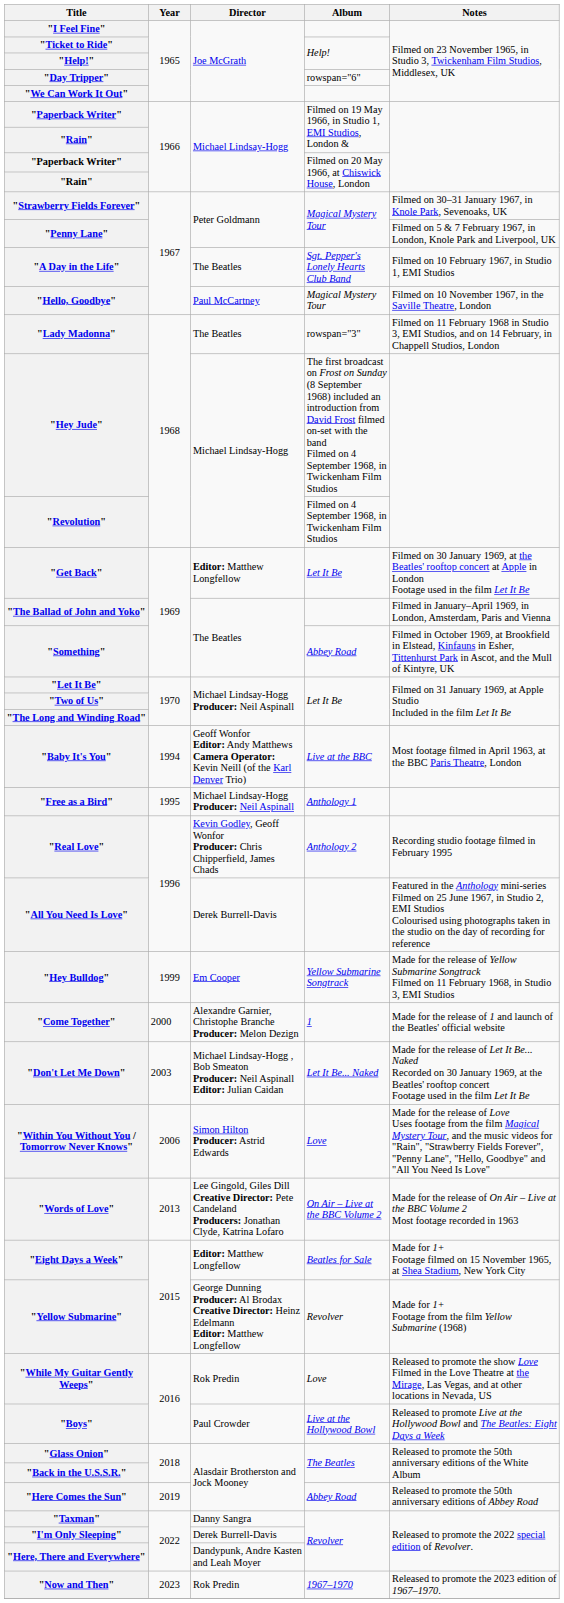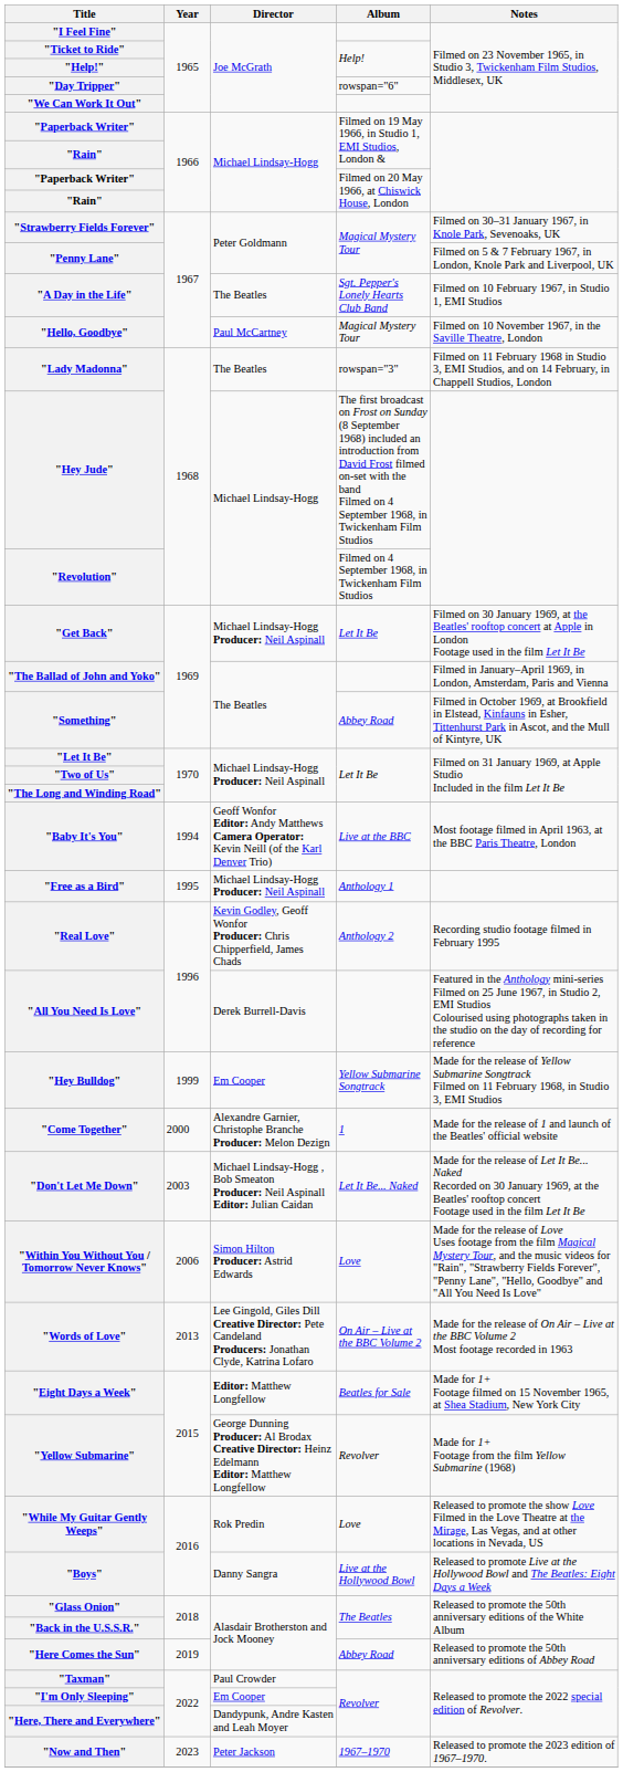 <table class="wikitable plainrowheaders">
 <tr>
 <th scope="col" style="width:20em;">Title</th>
 <th scope="col" style="width:5em;">Year</th>
 <th scope="col" style="width:15em;">Director</th>
 <th scope="col" style="width:10em;">Album</th>
 <th scope="col" style="width:25em;">Notes</th>
 </tr>
 <tr>
 <th scope="row">"<a href='#'>I Feel Fine</a>" </th>
 <td rowspan="5" style="text-align:center;">1965</td>
 <td rowspan="5"><a href='#'>Joe McGrath</a></td>
 <td></td>
 <td rowspan="5">Filmed on 23 November 1965, in Studio 3, <a href='#'>Twickenham Film Studios</a>, Middlesex, UK</td>
 </tr>
 <tr>
 <th scope="row">"<a href='#'>Ticket to Ride</a>"</th>
 <td rowspan="2"><em>Help!</em></td>
 </tr>
 <tr>
 <th scope="row">"<a href='#'>Help!</a>"</th>
 </tr>
 <tr>
 <th scope="row">"<a href='#'>Day Tripper</a>" </th>
 <td>rowspan="6" </td>
 </tr>
 <tr>
 <th scope="row">"<a href='#'>We Can Work It Out</a>" </th>
 </tr>
 <tr>
 <th scope="row">"<a href='#'>Paperback Writer</a>" </th>
 <td rowspan="4" style="text-align:center;">1966</td>
 <td rowspan="4"><a href='#'>Michael Lindsay-Hogg</a></td>
 <td rowspan="2">Filmed on 19 May 1966, in Studio 1, <a href='#'>EMI Studios</a>, London &</td>
 </tr>
 <tr>
 <th scope="row">"<a href='#'>Rain</a>" </th>
 </tr>
 <tr>
 <th scope="row">"Paperback Writer"</th>
 <td rowspan="2">Filmed on 20 May 1966, at <a href='#'>Chiswick House</a>, London</td>
 </tr>
 <tr>
 <th scope="row">"Rain"</th>
 </tr>
 <tr>
 <th scope="row">"<a href='#'>Strawberry Fields Forever</a>"</th>
 <td rowspan="4" style="text-align:center;">1967</td>
 <td rowspan="2">Peter Goldmann</td>
 <td rowspan="2"><em><a href='#'>Magical Mystery Tour</a></em></td>
 <td>Filmed on 30–31 January 1967, in <a href='#'>Knole Park</a>, Sevenoaks, UK</td>
 </tr>
 <tr>
 <th scope="row">"<a href='#'>Penny Lane</a>"</th>
 <td>Filmed on 5 & 7 February 1967, in London, Knole Park and Liverpool, UK</td>
 </tr>
 <tr>
 <th scope="row">"<a href='#'>A Day in the Life</a>"</th>
 <td>The Beatles</td>
 <td><em><a href='#'>Sgt. Pepper's Lonely Hearts Club Band</a></em></td>
 <td>Filmed on 10 February 1967, in Studio 1, EMI Studios</td>
 </tr>
 <tr>
 <th scope="row">"<a href='#'>Hello, Goodbye</a>" </th>
 <td><a href='#'>Paul McCartney</a></td>
 <td><em>Magical Mystery Tour</em></td>
 <td>Filmed on 10 November 1967, in the <a href='#'>Saville Theatre</a>, London</td>
 </tr>
 <tr>
 <th scope="row">"<a href='#'>Lady Madonna</a>"</th>
 <td rowspan="3" style="text-align:center;">1968</td>
 <td>The Beatles</td>
 <td>rowspan="3" </td>
 <td>Filmed on 11 February 1968 in Studio 3, EMI Studios, and on 14 February, in Chappell Studios, London</td>
 </tr>
 <tr>
 <th scope="row">"<a href='#'>Hey Jude</a>" </th>
 <td rowspan="2">Michael Lindsay-Hogg</td>
 <td>The first broadcast on <em>Frost on Sunday</em> (8 September 1968) included an introduction from <a href='#'>David Frost</a> filmed on-set with the band<br>Filmed on 4 September 1968, in Twickenham Film Studios</td>
 </tr>
 <tr>
 <th scope="row">"<a href='#'>Revolution</a>" </th>
 <td>Filmed on 4 September 1968, in Twickenham Film Studios</td>
 </tr>
 <tr>
 <th scope="row">"<a href='#'>Get Back</a>"  </th>
 <td rowspan="3" style="text-align:center;">1969</td>
-<td><strong>Editor:</strong> Matthew Longfellow</td>
+<td>Michael Lindsay-Hogg<br><strong>Producer:</strong> <a href='#'>Neil Aspinall</a></td>
 <td><em><a href='#'>Let It Be</a></em></td>
 <td>Filmed on 30 January 1969, at <a href='#'>the Beatles' rooftop concert</a> at <a href='#'>Apple</a> in London<br>Footage used in the film <em><a href='#'>Let It Be</a></em></td>
 </tr>
 <tr>
 <th scope="row">"<a href='#'>The Ballad of John and Yoko</a>"</th>
 <td rowspan="2">The Beatles</td>
 <td></td>
 <td>Filmed in January–April 1969, in London, Amsterdam, Paris and Vienna</td>
 </tr>
 <tr>
 <th scope="row">"<a href='#'>Something</a>"</th>
 <td><em><a href='#'>Abbey Road</a></em></td>
 <td>Filmed in October 1969, at Brookfield in Elstead, <a href='#'>Kinfauns</a> in Esher, <a href='#'>Tittenhurst Park</a> in Ascot, and the Mull of Kintyre, UK</td>
 </tr>
 <tr>
 <th scope="row">"<a href='#'>Let It Be</a>"</th>
 <td rowspan="3" style="text-align:center;">1970</td>
 <td rowspan="3">Michael Lindsay-Hogg<br><strong>Producer:</strong> Neil Aspinall</td>
 <td rowspan="3"><em>Let It Be</em></td>
 <td rowspan="3">Filmed on 31 January 1969, at Apple Studio<br>Included in the film <em>Let It Be</em></td>
 </tr>
 <tr>
 <th scope="row">"<a href='#'>Two of Us</a>"</th>
 </tr>
 <tr>
 <th scope="row">"<a href='#'>The Long and Winding Road</a>"</th>
 </tr>
 <tr>
 <th scope="row">"<a href='#'>Baby It's You</a>" </th>
 <td style="text-align:center;">1994</td>
 <td>Geoff Wonfor<br><strong>Editor:</strong> Andy Matthews<br><strong>Camera Operator:</strong> Kevin Neill (of the <a href='#'>Karl Denver</a> Trio)</td>
 <td><em><a href='#'>Live at the BBC</a></em></td>
 <td>Most footage filmed in April 1963, at the BBC <a href='#'>Paris Theatre</a>, London</td>
 </tr>
 <tr>
 <th scope="row">"<a href='#'>Free as a Bird</a>"</th>
 <td style="text-align:center;">1995</td>
 <td>Michael Lindsay-Hogg<br><strong>Producer:</strong> <a href='#'>Neil Aspinall</a></td>
 <td><em><a href='#'>Anthology 1</a></em></td>
 <td></td>
 </tr>
 <tr>
 <th scope="row">"<a href='#'>Real Love</a>" </th>
 <td rowspan="2" style="text-align:center;">1996</td>
 <td><a href='#'>Kevin Godley</a>, Geoff Wonfor<br><strong>Producer:</strong> Chris Chipperfield, James Chads</td>
 <td><em><a href='#'>Anthology 2</a></em></td>
 <td>Recording studio footage filmed in February 1995</td>
 </tr>
 <tr>
 <th scope="row">"<a href='#'>All You Need Is Love</a>"</th>
 <td>Derek Burrell-Davis</td>
 <td></td>
 <td>Featured in the <em><a href='#'>Anthology</a></em> mini-series<br>Filmed on 25 June 1967, in Studio 2, EMI Studios<br>Colourised using photographs taken in the studio on the day of recording for reference</td>
 </tr>
 <tr>
 <th scope="row">"<a href='#'>Hey Bulldog</a>"</th>
 <td style="text-align:center;">1999</td>
 <td><a href='#'>Em Cooper</a></td>
 <td><em><a href='#'>Yellow Submarine Songtrack</a></em></td>
 <td>Made for the release of <em>Yellow Submarine Songtrack</em><br>Filmed on 11 February 1968, in Studio 3, EMI Studios</td>
 </tr>
 <tr>
 <th scope="row">"<a href='#'>Come Together</a>"</th>
 <td>2000</td>
 <td>Alexandre Garnier, Christophe Branche<br><strong>Producer:</strong> Melon Dezign</td>
 <td><em><a href='#'>1</a></em></td>
 <td>Made for the release of <em>1</em> and launch of the Beatles' official website</td>
 </tr>
 <tr>
 <th scope="row">"<a href='#'>Don't Let Me Down</a>"</th>
 <td>2003</td>
 <td>Michael Lindsay-Hogg , Bob Smeaton <br><strong>Producer:</strong> Neil Aspinall <br><strong>Editor:</strong> Julian Caidan</td>
 <td><em><a href='#'>Let It Be... Naked</a></em></td>
 <td>Made for the release of <em>Let It Be... Naked</em><br>Recorded on 30 January 1969, at the Beatles' rooftop concert<br>Footage used in the film <em>Let It Be</em></td>
 </tr>
 <tr>
 <th scope="row">"<a href='#'>Within You Without You</a> / <a href='#'>Tomorrow Never Knows</a>"</th>
 <td style="text-align:center;">2006</td>
 <td><a href='#'>Simon Hilton</a><br><strong>Producer:</strong> Astrid Edwards</td>
 <td><em><a href='#'>Love</a></em></td>
 <td>Made for the release of <em>Love</em><br>Uses footage from the film <em><a href='#'>Magical Mystery Tour</a></em>, and the music videos for "Rain", "Strawberry Fields Forever", "Penny Lane", "Hello, Goodbye" and "All You Need Is Love"</td>
 </tr>
 <tr>
 <th scope="row">"<a href='#'>Words of Love</a>"</th>
 <td style="text-align:center;">2013</td>
 <td>Lee Gingold, Giles Dill<br><strong>Creative Director:</strong> Pete Candeland<br><strong>Producers:</strong> Jonathan Clyde, Katrina Lofaro</td>
 <td><em><a href='#'>On Air – Live at the BBC Volume 2</a></em></td>
 <td>Made for the release of <em>On Air – Live at the BBC Volume 2</em><br>Most footage recorded in 1963</td>
 </tr>
 <tr>
 <th scope="row">"<a href='#'>Eight Days a Week</a>"</th>
 <td rowspan="2" style="text-align:center;">2015</td>
 <td><strong>Editor:</strong> Matthew Longfellow</td>
 <td><em><a href='#'>Beatles for Sale</a></em></td>
 <td>Made for <em>1+</em><br>Footage filmed on 15 November 1965, at <a href='#'>Shea Stadium</a>, New York City</td>
 </tr>
 <tr>
 <th scope="row">"<a href='#'>Yellow Submarine</a>"</th>
 <td>George Dunning <br><strong>Producer:</strong> Al Brodax <br><strong>Creative Director:</strong> Heinz Edelmann <br><strong>Editor:</strong> Matthew Longfellow </td>
 <td><em>Revolver</em></td>
 <td>Made for <em>1+</em><br>Footage from the film <em>Yellow Submarine</em> (1968)</td>
 </tr>
 <tr>
 <th scope="row">"<a href='#'>While My Guitar Gently Weeps</a>"</th>
 <td rowspan="2" style="text-align:center;">2016</td>
 <td>Rok Predin</td>
 <td><em>Love</em></td>
 <td>Released to promote the show <em><a href='#'>Love</a></em><br>Filmed in the Love Theatre at <a href='#'>the Mirage</a>, Las Vegas, and at other locations in Nevada, US</td>
 </tr>
 <tr>
 <th scope="row">"<a href='#'>Boys</a>" </th>
-<td>Paul Crowder</td>
+<td>Danny Sangra</td>
 <td><em><a href='#'>Live at the Hollywood Bowl</a></em></td>
 <td>Released to promote <em>Live at the Hollywood Bowl</em> and <em><a href='#'>The Beatles: Eight Days a Week</a></em></td>
 </tr>
 <tr>
 <th scope="row">"<a href='#'>Glass Onion</a>"</th>
 <td rowspan="2" style="text-align:center;">2018</td>
 <td rowspan="3">Alasdair Brotherston and Jock Mooney</td>
 <td rowspan="2"><em><a href='#'>The Beatles</a></em></td>
 <td rowspan="2">Released to promote the 50th anniversary editions of the White Album</td>
 </tr>
 <tr>
 <th scope="row">"<a href='#'>Back in the U.S.S.R.</a>"</th>
 </tr>
 <tr>
 <th scope="row">"<a href='#'>Here Comes the Sun</a>"</th>
 <td style="text-align:center;">2019</td>
 <td><em><a href='#'>Abbey Road</a></em></td>
 <td>Released to promote the 50th anniversary editions of <em>Abbey Road</em></td>
 </tr>
 <tr>
 <th scope="row">"<a href='#'>Taxman</a>"</th>
 <td rowspan="3" style="text-align:center;">2022</td>
-<td>Danny Sangra</td>
+<td>Paul Crowder</td>
 <td rowspan="3"><em><a href='#'>Revolver</a></em></td>
 <td rowspan="3">Released to promote the 2022 <a href='#'>special edition</a> of <em>Revolver</em>.</td>
 </tr>
 <tr>
 <th scope="row">"<a href='#'>I'm Only Sleeping</a>"</th>
-<td>Derek Burrell-Davis</td>
+<td><a href='#'>Em Cooper</a></td>
 </tr>
 <tr>
 <th scope="row">"<a href='#'>Here, There and Everywhere</a>"</th>
 <td>Dandypunk, Andre Kasten and Leah Moyer</td>
 </tr>
 <tr>
 <th scope="row">"<a href='#'>Now and Then</a>"</th>
 <td rowspan="1" style="text-align:center;">2023</td>
-<td>Rok Predin</td>
+<td><a href='#'>Peter Jackson</a></td>
 <td rowspan="1"><em><a href='#'>1967–1970</a></em></td>
 <td rowspan="1">Released to promote the 2023 edition of <em>1967–1970</em>.</td>
 </tr>
 <tr>
 </tr>
 </table>
